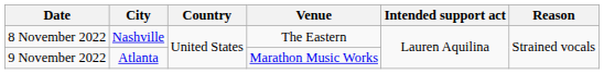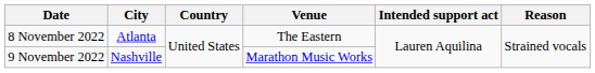 <table class="wikitable" style="text-align:center;">
 <tr>
 <th>Date</th>
 <th>City</th>
 <th>Country</th>
 <th>Venue</th>
 <th>Intended support act</th>
 <th>Reason</th>
 </tr>
 <tr>
 <td>8 November 2022</td>
-<td><a href='#'>Nashville</a></td>
+<td><a href='#'>Atlanta</a></td>
 <td rowspan="2">United States</td>
 <td>The Eastern</td>
 <td rowspan="2">Lauren Aquilina</td>
 <td rowspan="2">Strained vocals</td>
 </tr>
 <tr>
 <td>9 November 2022</td>
-<td><a href='#'>Atlanta</a></td>
+<td><a href='#'>Nashville</a></td>
 <td><a href='#'>Marathon Music Works</a></td>
 </tr>
 </table>
